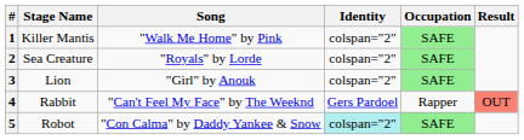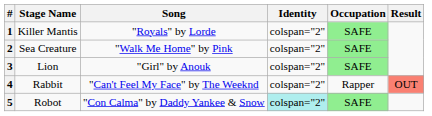 <table class="wikitable plainrowheaders" style="text-align: center;">
 <tr>
 <th>#</th>
 <th>Stage Name</th>
 <th>Song</th>
 <th>Identity</th>
 <th>Occupation</th>
 <th>Result</th>
 </tr>
 <tr>
 <th>1</th>
 <td>Killer Mantis</td>
-<td>"<a href='#'>Walk Me Home</a>" by <a href='#'>Pink</a></td>
+<td>"<a href='#'>Royals</a>" by <a href='#'>Lorde</a></td>
 <td>colspan="2" </td>
 <td bgcolor="lightgreen">SAFE</td>
 </tr>
 <tr>
 <th>2</th>
 <td>Sea Creature</td>
-<td>"<a href='#'>Royals</a>" by <a href='#'>Lorde</a></td>
+<td>"<a href='#'>Walk Me Home</a>" by <a href='#'>Pink</a></td>
 <td>colspan="2" </td>
 <td bgcolor="lightgreen">SAFE</td>
 </tr>
 <tr>
 <th>3</th>
 <td>Lion</td>
 <td>"Girl" by <a href='#'>Anouk</a></td>
 <td>colspan="2" </td>
 <td bgcolor="lightgreen">SAFE</td>
 </tr>
 <tr>
 <th>4</th>
 <td>Rabbit</td>
 <td>"<a href='#'>Can't Feel My Face</a>" by <a href='#'>The Weeknd</a></td>
-<td><a href='#'>Gers Pardoel</a></td>
+<td>colspan="2" </td>
 <td>Rapper</td>
 <td bgcolor="salmon">OUT</td>
 </tr>
 <tr>
 <th>5</th>
 <td>Robot</td>
 <td>"<a href='#'>Con Calma</a>" by <a href='#'>Daddy Yankee</a> & <a href='#'>Snow</a></td>
 <td style="background: paleturquoise;">colspan="2" </td>
 <td bgcolor="lightgreen">SAFE</td>
 </tr>
 </table>
